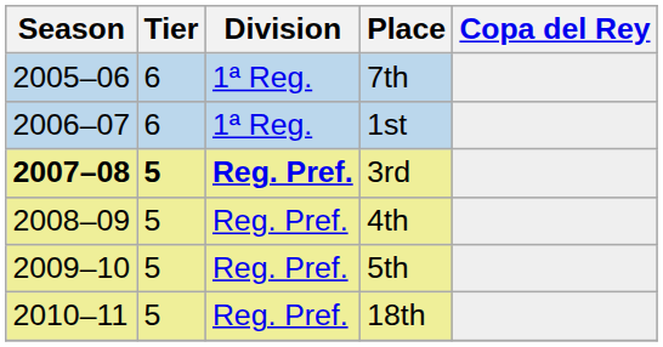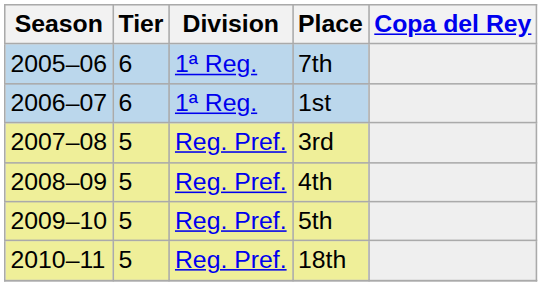 <table class="wikitable">
 <tr>
 <th>Season</th>
 <th>Tier</th>
 <th>Division</th>
 <th>Place</th>
 <th><a href='#'>Copa del Rey</a></th>
 </tr>
 <tr>
 <td style="background:#BBD7EC;">2005–06</td>
 <td style="background:#BBD7EC;">6</td>
 <td style="background:#BBD7EC;"><a href='#'>1ª Reg.</a></td>
 <td style="background:#BBD7EC;">7th</td>
 <th style="background:#EFEFEF;"></th>
 </tr>
 <tr>
 <td style="background:#BBD7EC;">2006–07</td>
 <td style="background:#BBD7EC;">6</td>
 <td style="background:#BBD7EC;"><a href='#'>1ª Reg.</a></td>
 <td style="background:#BBD7EC;">1st</td>
 <th style="background:#EFEFEF;"></th>
 </tr>
 <tr>
-<td style="background:#EFEF99;"><strong>2007–08</strong></td>
-<td style="background:#EFEF99;"><strong>5</strong></td>
-<td style="background:#EFEF99;"><strong><a href='#'>Reg. Pref.</a></strong></td>
+<td style="background:#EFEF99;">2007–08</td>
+<td style="background:#EFEF99;">5</td>
+<td style="background:#EFEF99;"><a href='#'>Reg. Pref.</a></td>
 <td style="background:#EFEF99;">3rd</td>
 <th style="background:#EFEFEF;"></th>
 </tr>
 <tr>
 <td style="background:#EFEF99;">2008–09</td>
 <td style="background:#EFEF99;">5</td>
 <td style="background:#EFEF99;"><a href='#'>Reg. Pref.</a></td>
 <td style="background:#EFEF99;">4th</td>
 <th style="background:#EFEFEF;"></th>
 </tr>
 <tr>
 <td style="background:#EFEF99;">2009–10</td>
 <td style="background:#EFEF99;">5</td>
 <td style="background:#EFEF99;"><a href='#'>Reg. Pref.</a></td>
 <td style="background:#EFEF99;">5th</td>
 <th style="background:#EFEFEF;"></th>
 </tr>
 <tr>
 <td style="background:#EFEF99;">2010–11</td>
 <td style="background:#EFEF99;">5</td>
 <td style="background:#EFEF99;"><a href='#'>Reg. Pref.</a></td>
 <td style="background:#EFEF99;">18th</td>
 <th style="background:#EFEFEF;"></th>
 </tr>
 <tr>
 </tr>
 </table>
